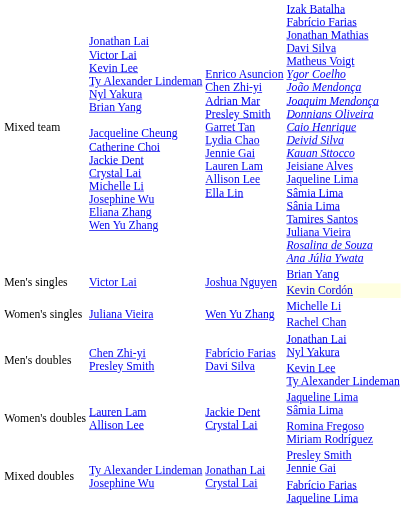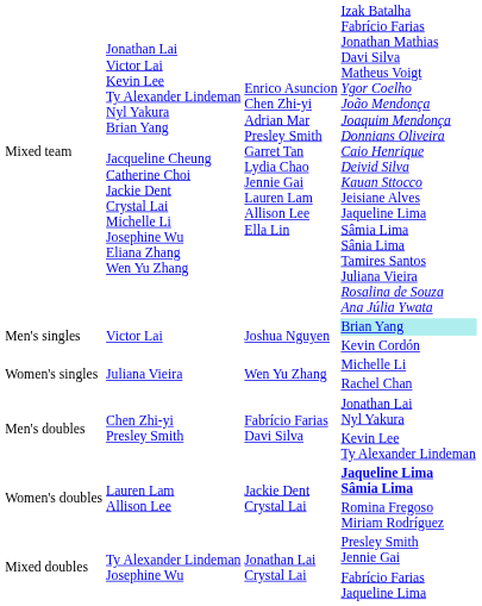 <table>
 <tr>
 <td>Mixed team</td>
 <td align="left"><br><a href='#'>Jonathan Lai</a><br><a href='#'>Victor Lai</a><br><a href='#'>Kevin Lee</a><br><a href='#'>Ty Alexander Lindeman</a><br><a href='#'>Nyl Yakura</a><br><a href='#'>Brian Yang</a><br><br><a href='#'>Jacqueline Cheung</a><br><a href='#'>Catherine Choi</a><br><a href='#'>Jackie Dent</a><br><a href='#'>Crystal Lai</a><br><a href='#'>Michelle Li</a><br><a href='#'>Josephine Wu</a><br><a href='#'>Eliana Zhang</a><br><a href='#'>Wen Yu Zhang</a></td>
 <td align="left"><br><a href='#'>Enrico Asuncion</a><br><a href='#'>Chen Zhi-yi</a><br><a href='#'>Adrian Mar</a><br><a href='#'>Presley Smith</a><br><a href='#'>Garret Tan</a><br><a href='#'>Lydia Chao</a><br><a href='#'>Jennie Gai</a><br><a href='#'>Lauren Lam</a><br><a href='#'>Allison Lee</a><br><a href='#'>Ella Lin</a></td>
 <td align="left"><br><a href='#'>Izak Batalha</a><br><a href='#'>Fabrício Farias</a><br><a href='#'>Jonathan Mathias</a><br><a href='#'>Davi Silva</a><br><a href='#'>Matheus Voigt</a><br><em><a href='#'>Ygor Coelho</a></em><br><em><a href='#'>João Mendonça</a></em><br><em><a href='#'>Joaquim Mendonça</a></em><br><em><a href='#'>Donnians Oliveira</a></em><br><em><a href='#'>Caio Henrique</a></em><br><em><a href='#'>Deivid Silva</a></em><br><em><a href='#'>Kauan Sttocco</a></em><br><a href='#'>Jeisiane Alves</a><br><a href='#'>Jaqueline Lima</a><br><a href='#'>Sâmia Lima</a><br><a href='#'>Sânia Lima</a><br><a href='#'>Tamires Santos</a><br><a href='#'>Juliana Vieira</a><br><em><a href='#'>Rosalina de Souza</a></em><br><em><a href='#'>Ana Júlia Ywata</a></em></td>
 </tr>
 <tr>
 <td rowspan="2">Men's singles</td>
 <td rowspan="2"> <a href='#'>Victor Lai</a></td>
 <td rowspan="2"> <a href='#'>Joshua Nguyen</a></td>
-<td> <a href='#'>Brian Yang</a></td>
+<td style="background: paleturquoise;"> <a href='#'>Brian Yang</a></td>
 </tr>
 <tr>
-<td style="background: lightyellow;"> <a href='#'>Kevin Cordón</a></td>
+<td> <a href='#'>Kevin Cordón</a></td>
 </tr>
 <tr>
 <td rowspan="2">Women's singles</td>
 <td rowspan="2"> <a href='#'>Juliana Vieira</a></td>
 <td rowspan="2"> <a href='#'>Wen Yu Zhang</a></td>
 <td> <a href='#'>Michelle Li</a></td>
 </tr>
 <tr>
 <td> <a href='#'>Rachel Chan</a></td>
 </tr>
 <tr>
 <td rowspan="2">Men's doubles</td>
 <td rowspan="2"> <a href='#'>Chen Zhi-yi</a><br> <a href='#'>Presley Smith</a></td>
 <td rowspan="2"> <a href='#'>Fabrício Farias</a><br> <a href='#'>Davi Silva</a></td>
 <td> <a href='#'>Jonathan Lai</a><br> <a href='#'>Nyl Yakura</a></td>
 </tr>
 <tr>
 <td> <a href='#'>Kevin Lee</a><br> <a href='#'>Ty Alexander Lindeman</a></td>
 </tr>
 <tr>
 <td rowspan="2">Women's doubles</td>
 <td rowspan="2"> <a href='#'>Lauren Lam</a><br> <a href='#'>Allison Lee</a></td>
 <td rowspan="2"> <a href='#'>Jackie Dent</a><br> <a href='#'>Crystal Lai</a></td>
-<td> <a href='#'>Jaqueline Lima</a><br> <a href='#'>Sâmia Lima</a></td>
+<td><strong> <a href='#'>Jaqueline Lima</a><br> <a href='#'>Sâmia Lima</a></strong></td>
 </tr>
 <tr>
 <td> <a href='#'>Romina Fregoso</a><br> <a href='#'>Miriam Rodríguez</a></td>
 </tr>
 <tr>
 <td rowspan="2">Mixed doubles</td>
 <td rowspan="2"> <a href='#'>Ty Alexander Lindeman</a><br> <a href='#'>Josephine Wu</a></td>
 <td rowspan="2"> <a href='#'>Jonathan Lai</a><br> <a href='#'>Crystal Lai</a></td>
 <td> <a href='#'>Presley Smith</a><br> <a href='#'>Jennie Gai</a></td>
 </tr>
 <tr>
 <td> <a href='#'>Fabrício Farias</a><br> <a href='#'>Jaqueline Lima</a></td>
 </tr>
 </table>
